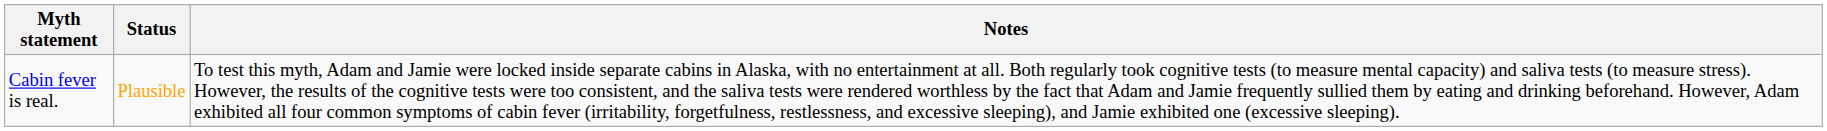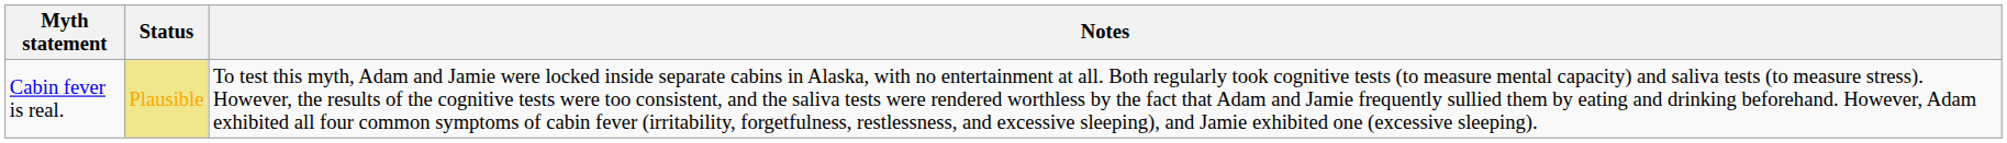 <table class="wikitable plainrowheaders">
 <tr>
 <th>Myth statement</th>
 <th>Status</th>
 <th>Notes</th>
 </tr>
 <tr>
 <td><a href='#'>Cabin fever</a> is real.</td>
-<td style="color:orange">Plausible</td>
+<td style="background: khaki; color:orange">Plausible</td>
 <td>To test this myth, Adam and Jamie were locked inside separate cabins in Alaska, with no entertainment at all. Both regularly took cognitive tests (to measure mental capacity) and saliva tests (to measure stress). However, the results of the cognitive tests were too consistent, and the saliva tests were rendered worthless by the fact that Adam and Jamie frequently sullied them by eating and drinking beforehand. However, Adam exhibited all four common symptoms of cabin fever (irritability, forgetfulness, restlessness, and excessive sleeping), and Jamie exhibited one (excessive sleeping).</td>
 </tr>
 </table>
